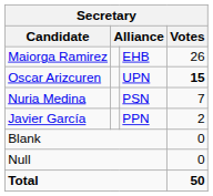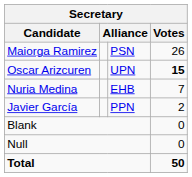 <table class="wikitable" style="font-size:90%; text-align:right;">
 <tr>
 <th colspan="4">Secretary</th>
 </tr>
 <tr>
 <th>Candidate</th>
 <th colspan="2">Alliance</th>
 <th>Votes</th>
 </tr>
 <tr>
 <td align=left><a href='#'>Maiorga Ramirez</a></td>
 <td style="background:"></td>
-<td align=left><a href='#'>EHB</a></td>
+<td align=left><a href='#'>PSN</a></td>
 <td>26</td>
 </tr>
 <tr>
 <td align=left><a href='#'>Oscar Arizcuren</a></td>
 <td style="background:"></td>
 <td align=left><a href='#'>UPN</a></td>
 <td><strong>15</strong></td>
 </tr>
 <tr>
 <td align=left><a href='#'>Nuria Medina</a></td>
 <td style="background:"></td>
-<td align=left><a href='#'>PSN</a></td>
+<td align=left><a href='#'>EHB</a></td>
 <td>7</td>
 </tr>
 <tr>
 <td align=left><a href='#'>Javier García</a></td>
 <td style="background:"></td>
 <td align=left><a href='#'>PPN</a></td>
 <td>2</td>
 </tr>
 <tr>
 <td align=left colspan="3">Blank</td>
 <td>0</td>
 </tr>
 <tr>
 <td align=left colspan="3">Null</td>
 <td>0</td>
 </tr>
 <tr style="font-weight:bold">
 <td align=left colspan="3">Total</td>
 <td>50</td>
 </tr>
 </table>
